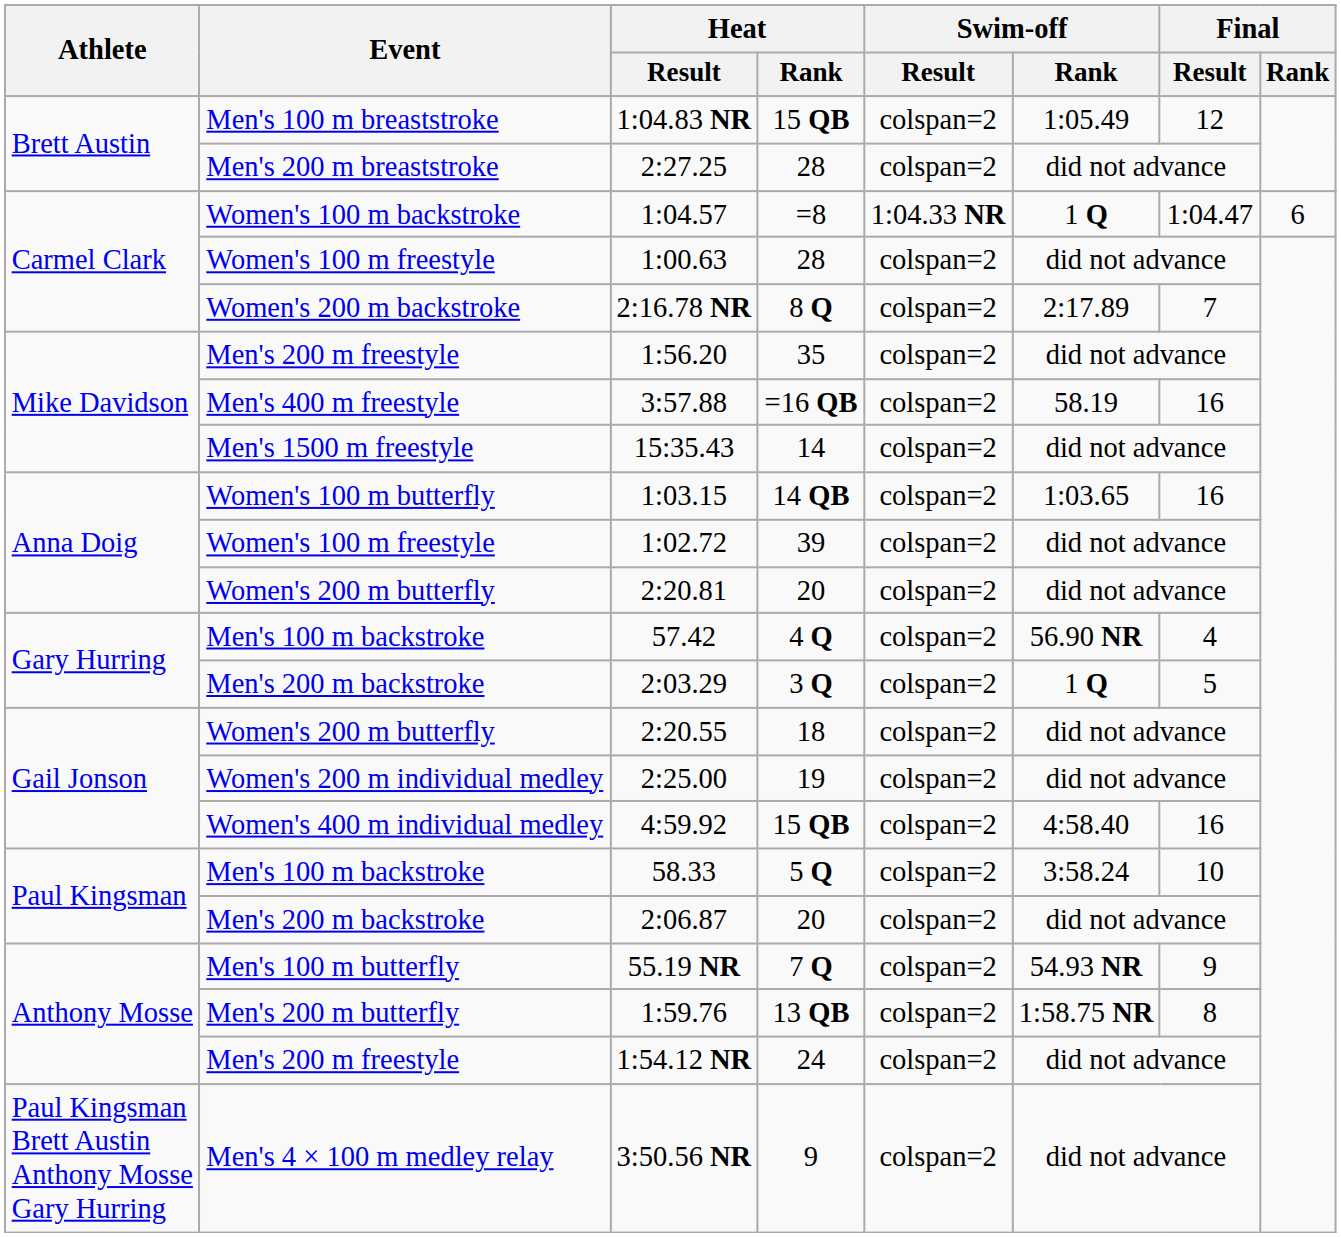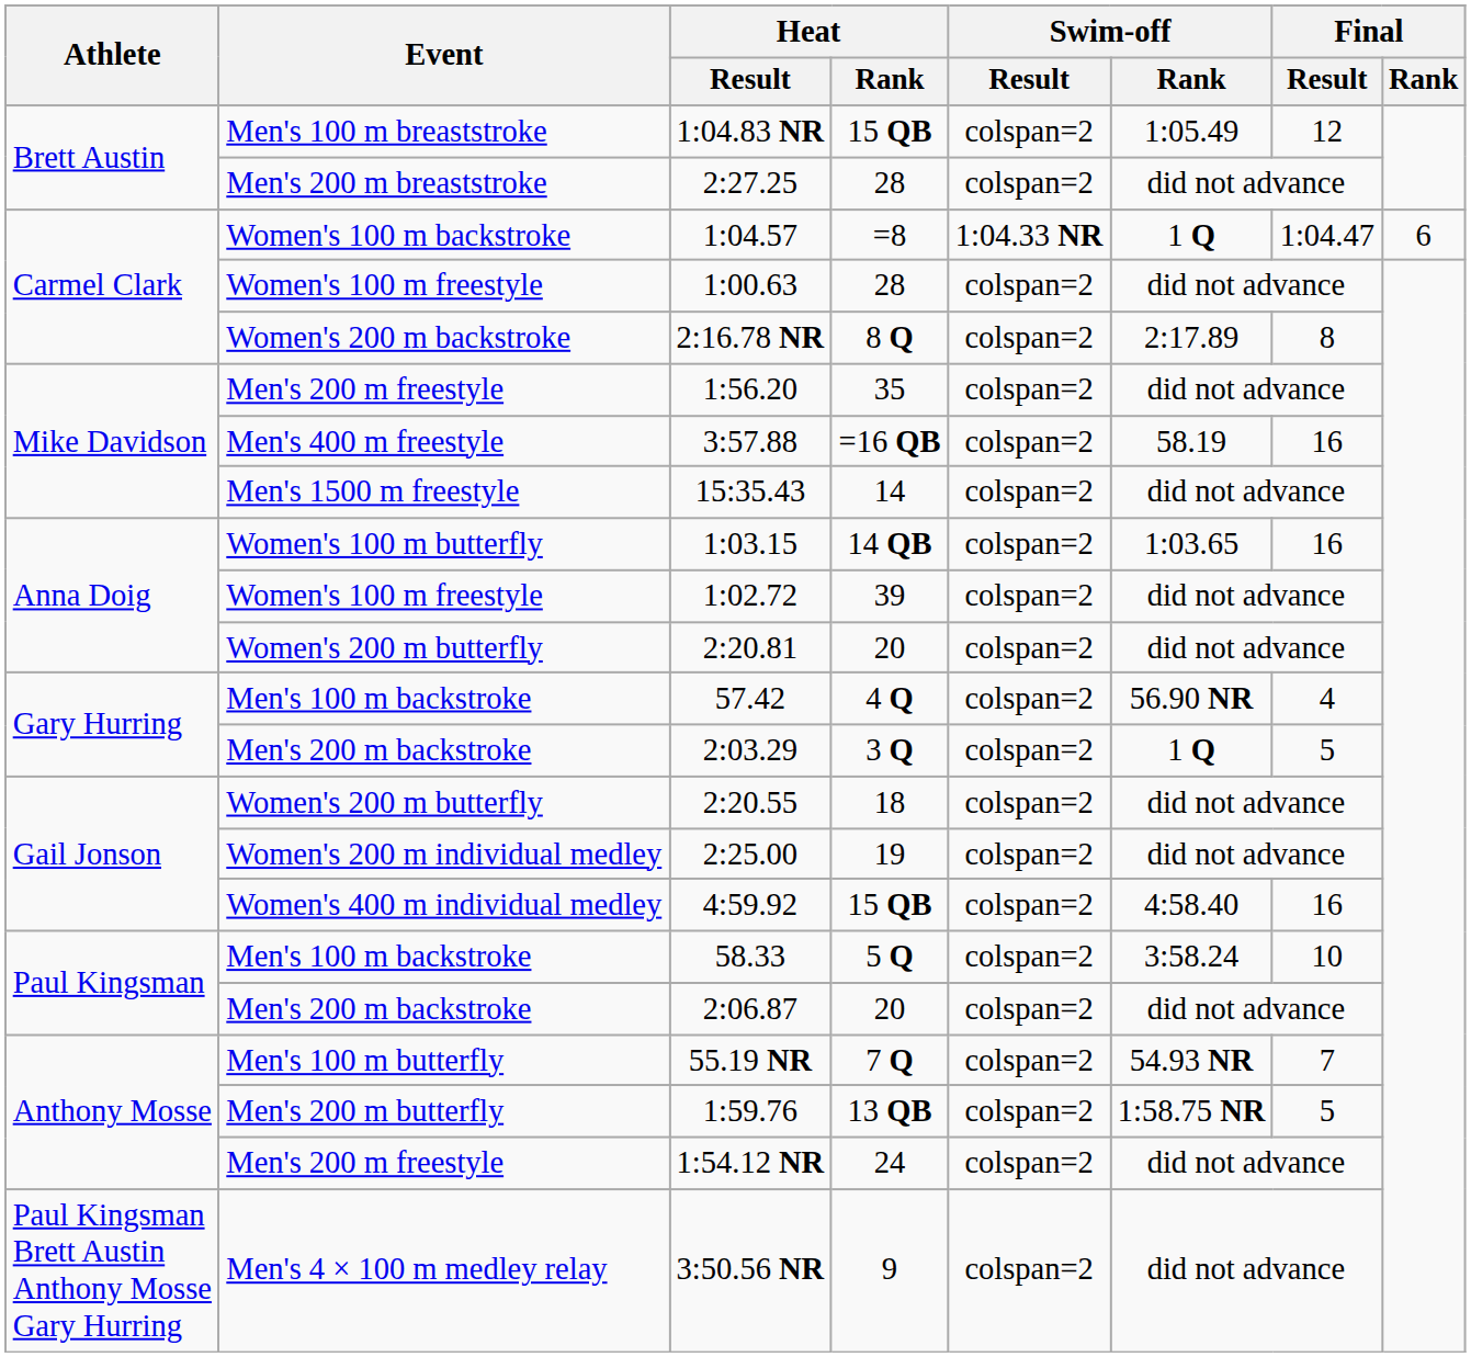 <table class="wikitable" style="font-size:90%;text-align:center;">
 <tr>
 <th rowspan=2>Athlete</th>
 <th rowspan=2>Event</th>
 <th colspan=2>Heat</th>
 <th colspan=2>Swim-off</th>
 <th colspan=2>Final</th>
 </tr>
 <tr style="font-size:95%">
 <th>Result</th>
 <th>Rank</th>
 <th>Result</th>
 <th>Rank</th>
 <th>Result</th>
 <th>Rank</th>
 </tr>
 <tr align=center>
 <td align=left rowspan=2><a href='#'>Brett Austin</a></td>
 <td align=left><a href='#'>Men's 100 m breaststroke</a></td>
 <td>1:04.83 <strong>NR</strong></td>
 <td>15 <strong>QB</strong></td>
 <td>colspan=2 </td>
 <td>1:05.49</td>
 <td>12</td>
 </tr>
 <tr align=center>
 <td align=left><a href='#'>Men's 200 m breaststroke</a></td>
 <td>2:27.25</td>
 <td>28</td>
 <td>colspan=2 </td>
 <td colspan=2>did not advance</td>
 </tr>
 <tr align=center>
 <td align=left rowspan=3><a href='#'>Carmel Clark</a></td>
 <td align=left><a href='#'>Women's 100 m backstroke</a></td>
 <td>1:04.57</td>
 <td>=8 <strong></strong></td>
 <td>1:04.33 <strong>NR</strong></td>
 <td>1 <strong>Q</strong></td>
 <td>1:04.47</td>
 <td>6</td>
 </tr>
 <tr align=center>
 <td align=left><a href='#'>Women's 100 m freestyle</a></td>
 <td>1:00.63</td>
 <td>28</td>
 <td>colspan=2 </td>
 <td colspan=2>did not advance</td>
 </tr>
 <tr align=center>
 <td align=left><a href='#'>Women's 200 m backstroke</a></td>
 <td>2:16.78 <strong>NR</strong></td>
 <td>8 <strong>Q</strong></td>
 <td>colspan=2 </td>
 <td>2:17.89</td>
-<td>7</td>
+<td>8</td>
 </tr>
 <tr align=center>
 <td align=left rowspan=3><a href='#'>Mike Davidson</a></td>
 <td align=left><a href='#'>Men's 200 m freestyle</a></td>
 <td>1:56.20</td>
 <td>35</td>
 <td>colspan=2 </td>
 <td colspan=2>did not advance</td>
 </tr>
 <tr align=center>
 <td align=left><a href='#'>Men's 400 m freestyle</a></td>
 <td>3:57.88</td>
 <td>=16 <strong>QB</strong></td>
 <td>colspan=2 </td>
 <td>58.19</td>
 <td>16</td>
 </tr>
 <tr align=center>
 <td align=left><a href='#'>Men's 1500 m freestyle</a></td>
 <td>15:35.43</td>
 <td>14</td>
 <td>colspan=2 </td>
 <td colspan=2>did not advance</td>
 </tr>
 <tr align=center>
 <td align=left rowspan=3><a href='#'>Anna Doig</a></td>
 <td align=left><a href='#'>Women's 100 m butterfly</a></td>
 <td>1:03.15</td>
 <td>14 <strong>QB</strong></td>
 <td>colspan=2 </td>
 <td>1:03.65</td>
 <td>16</td>
 </tr>
 <tr align=center>
 <td align=left><a href='#'>Women's 100 m freestyle</a></td>
 <td>1:02.72</td>
 <td>39</td>
 <td>colspan=2 </td>
 <td colspan=2>did not advance</td>
 </tr>
 <tr align=center>
 <td align=left><a href='#'>Women's 200 m butterfly</a></td>
 <td>2:20.81</td>
 <td>20</td>
 <td>colspan=2 </td>
 <td colspan=2>did not advance</td>
 </tr>
 <tr align=center>
 <td align=left rowspan=2><a href='#'>Gary Hurring</a></td>
 <td align=left><a href='#'>Men's 100 m backstroke</a></td>
 <td>57.42</td>
 <td>4 <strong>Q</strong></td>
 <td>colspan=2 </td>
 <td>56.90 <strong>NR</strong></td>
 <td>4</td>
 </tr>
 <tr align=center>
 <td align=left><a href='#'>Men's 200 m backstroke</a></td>
 <td>2:03.29</td>
 <td>3 <strong>Q</strong></td>
 <td>colspan=2 </td>
 <td>1 <strong>Q</strong></td>
 <td>5</td>
 </tr>
 <tr align=center>
 <td align=left rowspan=3><a href='#'>Gail Jonson</a></td>
 <td align=left><a href='#'>Women's 200 m butterfly</a></td>
 <td>2:20.55</td>
 <td>18</td>
 <td>colspan=2 </td>
 <td colspan=2>did not advance</td>
 </tr>
 <tr align=center>
 <td align=left><a href='#'>Women's 200 m individual medley</a></td>
 <td>2:25.00</td>
 <td>19</td>
 <td>colspan=2 </td>
 <td colspan=2>did not advance</td>
 </tr>
 <tr align=center>
 <td align=left><a href='#'>Women's 400 m individual medley</a></td>
 <td>4:59.92</td>
 <td>15 <strong>QB</strong></td>
 <td>colspan=2 </td>
 <td>4:58.40</td>
 <td>16</td>
 </tr>
 <tr align=center>
 <td align=left rowspan=2><a href='#'>Paul Kingsman</a></td>
 <td align=left><a href='#'>Men's 100 m backstroke</a></td>
 <td>58.33</td>
 <td>5 <strong>Q</strong></td>
 <td>colspan=2 </td>
 <td>3:58.24</td>
 <td>10</td>
 </tr>
 <tr align=center>
 <td align=left><a href='#'>Men's 200 m backstroke</a></td>
 <td>2:06.87</td>
 <td>20</td>
 <td>colspan=2 </td>
 <td colspan=2>did not advance</td>
 </tr>
 <tr align=center>
 <td align=left rowspan=3><a href='#'>Anthony Mosse</a></td>
 <td align=left><a href='#'>Men's 100 m butterfly</a></td>
 <td>55.19 <strong>NR</strong></td>
 <td>7 <strong>Q</strong></td>
 <td>colspan=2 </td>
 <td>54.93 <strong>NR</strong></td>
-<td>9</td>
+<td>7</td>
 </tr>
 <tr align=center>
 <td align=left><a href='#'>Men's 200 m butterfly</a></td>
 <td>1:59.76</td>
 <td>13 <strong>QB</strong></td>
 <td>colspan=2 </td>
 <td>1:58.75 <strong>NR</strong></td>
-<td>8</td>
+<td>5</td>
 </tr>
 <tr align=center>
 <td align=left><a href='#'>Men's 200 m freestyle</a></td>
 <td>1:54.12 <strong>NR</strong></td>
 <td>24</td>
 <td>colspan=2 </td>
 <td colspan=2>did not advance</td>
 </tr>
 <tr align=center>
 <td align=left><a href='#'>Paul Kingsman</a><br><a href='#'>Brett Austin</a><br><a href='#'>Anthony Mosse</a><br><a href='#'>Gary Hurring</a></td>
 <td align=left><a href='#'>Men's 4 × 100 m medley relay</a></td>
 <td>3:50.56 <strong>NR</strong></td>
 <td>9</td>
 <td>colspan=2 </td>
 <td colspan=2>did not advance</td>
 </tr>
 </table>
